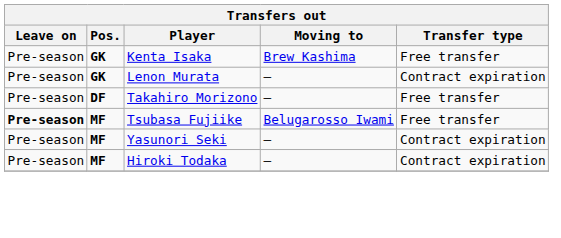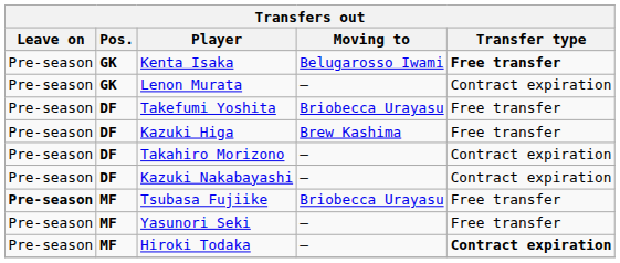 <table class="wikitable sortable" style=“text-align:left;>
 <tr>
 <th colspan="5">Transfers out</th>
 </tr>
 <tr>
 <th>Leave on</th>
 <th>Pos.</th>
 <th>Player</th>
 <th>Moving to</th>
 <th>Transfer type</th>
 </tr>
 <tr>
 <td>Pre-season</td>
 <td><strong>GK</strong></td>
 <td> <a href='#'>Kenta Isaka</a></td>
-<td> <a href='#'>Brew Kashima</a></td>
-<td>Free transfer</td>
+<td> <a href='#'>Belugarosso Iwami</a></td>
+<td><strong>Free transfer</strong></td>
 </tr>
 <tr>
 <td>Pre-season</td>
 <td><strong>GK</strong></td>
 <td> <a href='#'>Lenon Murata</a></td>
 <td>–</td>
 <td>Contract expiration</td>
 </tr>
 <tr>
 <td>Pre-season</td>
 <td><strong>DF</strong></td>
+<td> <a href='#'>Takefumi Yoshita</a></td>
+<td> <a href='#'>Briobecca Urayasu</a></td>
+<td>Free transfer</td>
+</tr>
+<tr>
+<td>Pre-season</td>
+<td><strong>DF</strong></td>
+<td> <a href='#'>Kazuki Higa</a></td>
+<td> <a href='#'>Brew Kashima</a></td>
+<td>Free transfer</td>
+</tr>
+<tr>
+<td>Pre-season</td>
+<td><strong>DF</strong></td>
 <td> <a href='#'>Takahiro Morizono</a></td>
 <td>–</td>
-<td>Free transfer</td>
+<td>Contract expiration</td>
+</tr>
+<tr>
+<td>Pre-season</td>
+<td><strong>DF</strong></td>
+<td> <a href='#'>Kazuki Nakabayashi</a></td>
+<td>–</td>
+<td>Contract expiration</td>
 </tr>
 <tr>
 <td><strong>Pre-season</strong></td>
 <td><strong>MF</strong></td>
 <td> <a href='#'>Tsubasa Fujiike</a></td>
-<td> <a href='#'>Belugarosso Iwami</a></td>
+<td> <a href='#'>Briobecca Urayasu</a></td>
 <td>Free transfer</td>
 </tr>
 <tr>
 <td>Pre-season</td>
 <td><strong>MF</strong></td>
 <td> <a href='#'>Yasunori Seki</a></td>
 <td>–</td>
-<td>Contract expiration</td>
+<td>Free transfer</td>
 </tr>
 <tr>
 <td>Pre-season</td>
 <td><strong>MF</strong></td>
 <td> <a href='#'>Hiroki Todaka</a></td>
 <td>–</td>
-<td>Contract expiration</td>
+<td><strong>Contract expiration</strong></td>
 </tr>
 <tr>
 </tr>
 </table>
